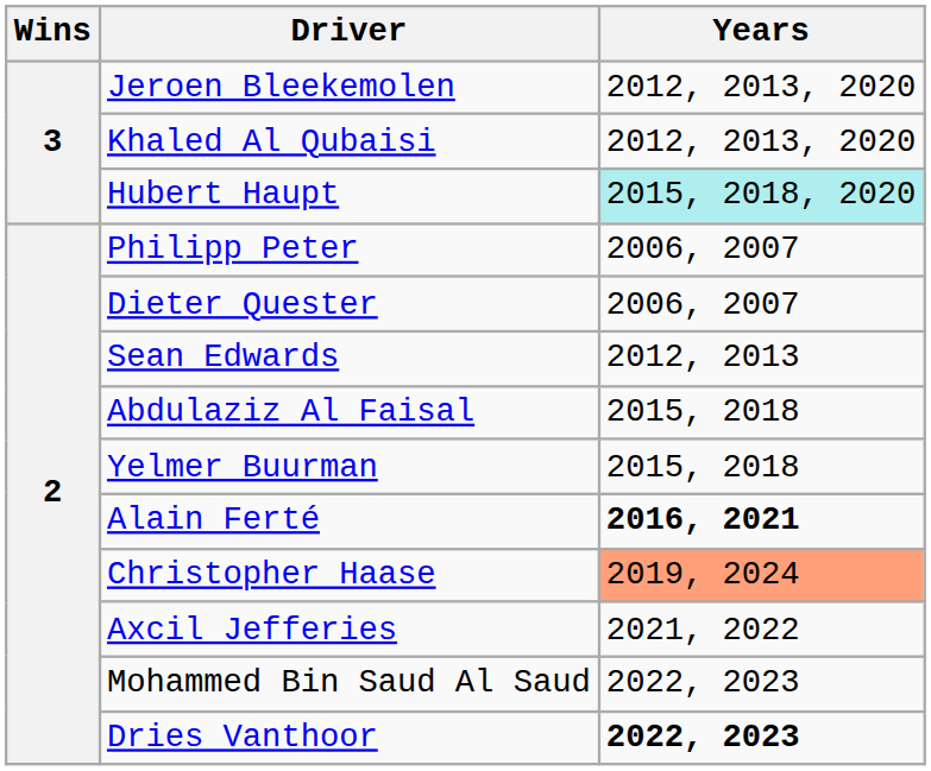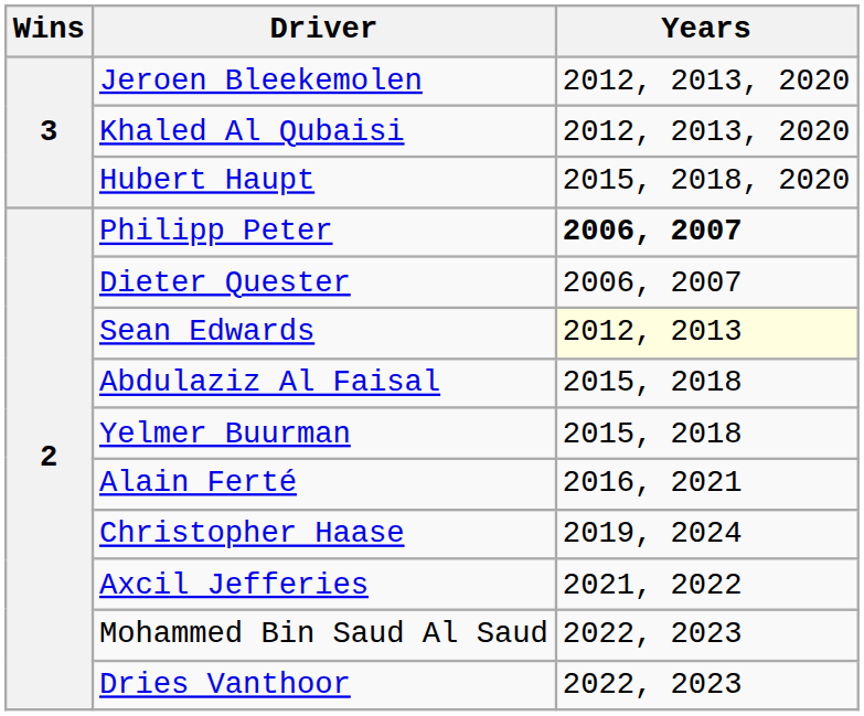 <table class="wikitable" style="font-size: 90%;">
 <tr>
 <th>Wins</th>
 <th>Driver</th>
 <th>Years</th>
 </tr>
 <tr>
 <th rowspan="3">3</th>
 <td> <a href='#'>Jeroen Bleekemolen</a></td>
 <td>2012, 2013, 2020</td>
 </tr>
 <tr>
 <td> <a href='#'>Khaled Al Qubaisi</a></td>
 <td>2012, 2013, 2020</td>
 </tr>
 <tr>
 <td> <a href='#'>Hubert Haupt</a></td>
-<td style="background: paleturquoise;">2015, 2018, 2020</td>
+<td>2015, 2018, 2020</td>
 </tr>
 <tr>
 <th rowspan="10">2</th>
 <td> <a href='#'>Philipp Peter</a></td>
-<td>2006, 2007</td>
+<td><strong>2006, 2007</strong></td>
 </tr>
 <tr>
 <td> <a href='#'>Dieter Quester</a></td>
 <td>2006, 2007</td>
 </tr>
 <tr>
 <td> <a href='#'>Sean Edwards</a></td>
-<td>2012, 2013</td>
+<td style="background: lightyellow;">2012, 2013</td>
 </tr>
 <tr>
 <td> <a href='#'>Abdulaziz Al Faisal</a></td>
 <td>2015, 2018</td>
 </tr>
 <tr>
 <td> <a href='#'>Yelmer Buurman</a></td>
 <td>2015, 2018</td>
 </tr>
 <tr>
 <td> <a href='#'>Alain Ferté</a></td>
-<td><strong>2016, 2021</strong></td>
+<td>2016, 2021</td>
 </tr>
 <tr>
 <td> <a href='#'>Christopher Haase</a></td>
-<td style="background: lightsalmon;">2019, 2024</td>
+<td>2019, 2024</td>
 </tr>
 <tr>
 <td> <a href='#'>Axcil Jefferies</a></td>
 <td>2021, 2022</td>
 </tr>
 <tr>
 <td> Mohammed Bin Saud Al Saud</td>
 <td>2022, 2023</td>
 </tr>
 <tr>
 <td> <a href='#'>Dries Vanthoor</a></td>
-<td><strong>2022, 2023</strong></td>
+<td>2022, 2023</td>
 </tr>
 </table>
